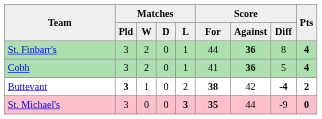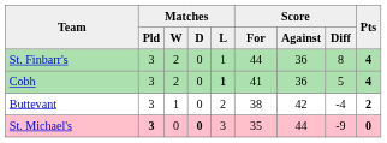 <table style=border-collapse:collapse border=1 cellspacing=0 cellpadding=5>
 <tr align=center bgcolor=#efefef>
 <th rowspan=2 width=165>Team</th>
 <th colspan=4>Matches</th>
 <th colspan=3>Score</th>
 <th rowspan=2width=20>Pts</th>
 </tr>
 <tr align=center bgcolor=#efefef>
 <th width=20>Pld</th>
 <th width=20>W</th>
 <th width=20>D</th>
 <th width=20>L</th>
 <th width=45>For</th>
 <th width=45>Against</th>
 <th width=30>Diff</th>
 </tr>
 <tr align=center style="background:#ACE1AF;">
 <td style="text-align:left;"><a href='#'>St. Finbarr's</a></td>
 <td>3</td>
 <td>2</td>
 <td>0</td>
 <td>1</td>
 <td>44</td>
-<td><strong>36</strong></td>
+<td>36</td>
 <td>8</td>
 <td><strong>4</strong></td>
 </tr>
 <tr align=center style="background:#ACE1AF;">
 <td style="text-align:left;"><a href='#'>Cobh</a></td>
 <td>3</td>
 <td>2</td>
 <td>0</td>
-<td>1</td>
+<td><strong>1</strong></td>
 <td>41</td>
-<td><strong>36</strong></td>
+<td>36</td>
 <td>5</td>
 <td><strong>4</strong></td>
 </tr>
 <tr align=center>
 <td style="text-align:left;"><a href='#'>Buttevant</a></td>
-<td><strong>3</strong></td>
+<td>3</td>
 <td>1</td>
 <td>0</td>
 <td>2</td>
-<td><strong>38</strong></td>
+<td>38</td>
 <td>42</td>
-<td><strong>-4</strong></td>
+<td>-4</td>
 <td><strong>2</strong></td>
 </tr>
 <tr align=center style="background:#FFC0CB;">
 <td style="text-align:left;"><a href='#'>St. Michael's</a></td>
+<td><strong>3</strong></td>
+<td>0</td>
+<td><strong>0</strong></td>
 <td>3</td>
-<td>0</td>
-<td>0</td>
-<td><strong>3</strong></td>
-<td><strong>35</strong></td>
+<td>35</td>
 <td>44</td>
 <td>-9</td>
 <td><strong>0</strong></td>
 </tr>
 </table>
